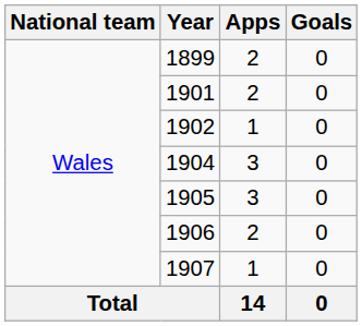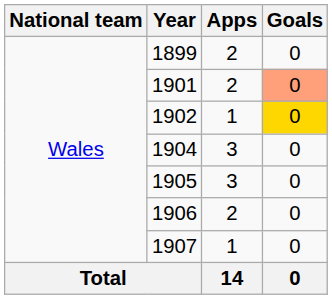 <table class="wikitable" style="text-align: center;">
 <tr>
 <th>National team</th>
 <th>Year</th>
 <th>Apps</th>
 <th>Goals</th>
 </tr>
 <tr>
 <td rowspan="7"><a href='#'>Wales</a></td>
 <td>1899</td>
 <td>2</td>
 <td>0</td>
 </tr>
 <tr>
 <td>1901</td>
 <td>2</td>
-<td>0</td>
+<td style="background: lightsalmon;">0</td>
 </tr>
 <tr>
 <td>1902</td>
 <td>1</td>
-<td>0</td>
+<td style="background: gold;">0</td>
 </tr>
 <tr>
 <td>1904</td>
 <td>3</td>
 <td>0</td>
 </tr>
 <tr>
 <td>1905</td>
 <td>3</td>
 <td>0</td>
 </tr>
 <tr>
 <td>1906</td>
 <td>2</td>
 <td>0</td>
 </tr>
 <tr>
 <td>1907</td>
 <td>1</td>
 <td>0</td>
 </tr>
 <tr>
 <th colspan="2">Total</th>
 <th>14</th>
 <th>0</th>
 </tr>
 </table>
